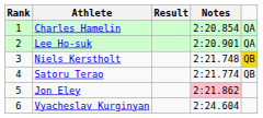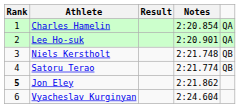 <table class="wikitable" style="text-align:center">
 <tr>
 <th>Rank</th>
 <th>Athlete</th>
 <th>Result</th>
 <th>Notes</th>
 </tr>
 <tr bgcolor=ccffcc>
 <td>1</td>
 <td align=left><a href='#'>Charles Hamelin</a></td>
 <td></td>
 <td>2:20.854</td>
 <td>QA</td>
 </tr>
 <tr bgcolor=ccffcc>
 <td>2</td>
 <td align=left><a href='#'>Lee Ho-suk</a></td>
 <td></td>
 <td>2:20.901</td>
 <td>QA</td>
 </tr>
 <tr>
 <td>3</td>
 <td align=left><a href='#'>Niels Kerstholt</a></td>
 <td></td>
 <td>2:21.748</td>
-<td style="background: gold;">QB</td>
+<td>QB</td>
 </tr>
 <tr>
 <td>4</td>
 <td align=left><a href='#'>Satoru Terao</a></td>
 <td></td>
 <td>2:21.774</td>
 <td>QB</td>
 </tr>
 <tr>
-<td>5</td>
+<td><strong>5</strong></td>
 <td align=left><a href='#'>Jon Eley</a></td>
 <td></td>
-<td style="background: pink;">2:21.862</td>
+<td>2:21.862</td>
 <td></td>
 </tr>
 <tr>
 <td>6</td>
 <td align=left><a href='#'>Vyacheslav Kurginyan</a></td>
 <td></td>
 <td>2:24.604</td>
 <td></td>
 </tr>
 </table>
